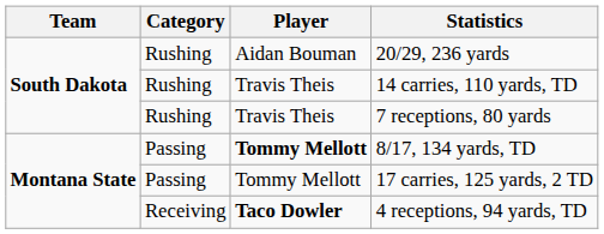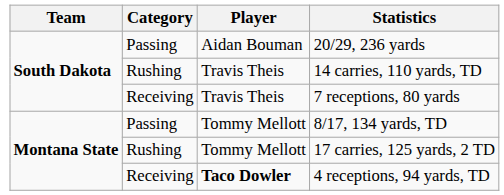 <table class="wikitable" style="float: right;">
 <tr>
 <th>Team</th>
 <th>Category</th>
 <th>Player</th>
 <th>Statistics</th>
 </tr>
 <tr>
 <td rowspan=3><strong>South Dakota</strong></td>
-<td>Rushing</td>
+<td>Passing</td>
 <td>Aidan Bouman</td>
 <td>20/29, 236 yards</td>
 </tr>
 <tr>
 <td>Rushing</td>
 <td>Travis Theis</td>
 <td>14 carries, 110 yards, TD</td>
 </tr>
 <tr>
-<td>Rushing</td>
+<td>Receiving</td>
 <td>Travis Theis</td>
 <td>7 receptions, 80 yards</td>
 </tr>
 <tr>
 <td rowspan=3><strong>Montana State</strong></td>
 <td>Passing</td>
-<td><strong>Tommy Mellott</strong></td>
+<td>Tommy Mellott</td>
 <td>8/17, 134 yards, TD</td>
 </tr>
 <tr>
-<td>Passing</td>
+<td>Rushing</td>
 <td>Tommy Mellott</td>
 <td>17 carries, 125 yards, 2 TD</td>
 </tr>
 <tr>
 <td>Receiving</td>
 <td><strong>Taco Dowler</strong></td>
 <td>4 receptions, 94 yards, TD</td>
 </tr>
 </table>
